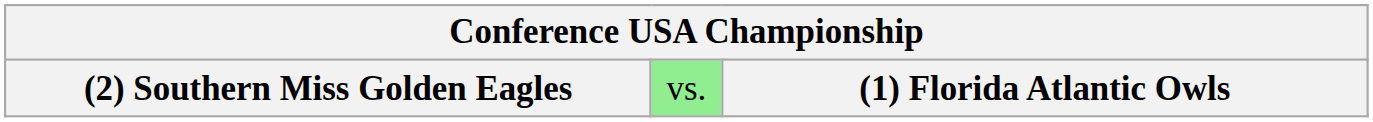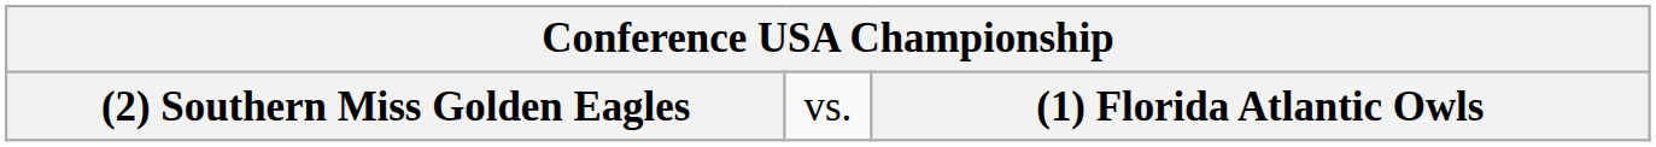 <table class="wikitable">
 <tr>
 <th style="width: 604px;" colspan=3>Conference USA Championship</th>
 </tr>
 <tr>
 <th style="width: 289px; ">(2) Southern Miss Golden Eagles</th>
-<td style="background: lightgreen; width: 25px; text-align:center">vs.</td>
+<td style="width: 25px; text-align:center">vs.</td>
 <th style="width: 289px; ">(1) Florida Atlantic Owls</th>
 </tr>
 </table>
